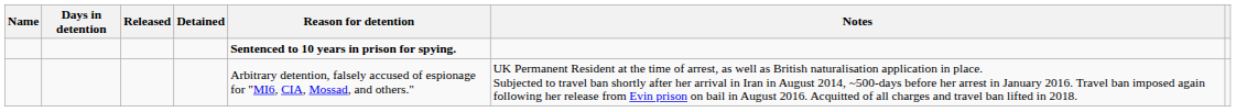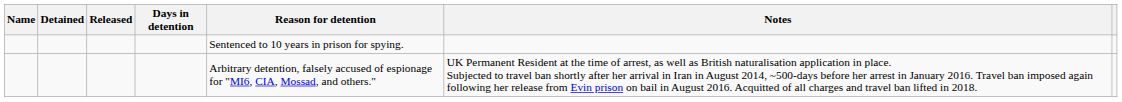 <table class="wikitable sortable">
 <tr>
 <th>Name</th>
+<th>Detained</th>
+<th>Released</th>
 <th>Days in detention</th>
-<th>Released</th>
-<th>Detained</th>
 <th>Reason for detention</th>
 <th>Notes</th>
 <th class="unsortable"></th>
 </tr>
 <tr>
 <td></td>
 <td></td>
 <td></td>
 <td></td>
-<td><strong>Sentenced to 10 years in prison for spying.</strong></td>
+<td>Sentenced to 10 years in prison for spying.</td>
 <td></td>
 <td align="center"></td>
 </tr>
 <tr>
 <td></td>
 <td></td>
 <td></td>
 <td></td>
 <td>Arbitrary detention, falsely accused of espionage for "<a href='#'>MI6</a>, <a href='#'>CIA</a>, <a href='#'>Mossad</a>, and others."</td>
 <td>UK Permanent Resident at the time of arrest, as well as British naturalisation application in place.<br>Subjected to travel ban shortly after her arrival in Iran in August 2014, ~500-days before her arrest in January 2016. Travel ban imposed again following her release from <a href='#'>Evin prison</a> on bail in August 2016. Acquitted of all charges and travel ban lifted in 2018.</td>
 <td align="center"></td>
 </tr>
 </table>
